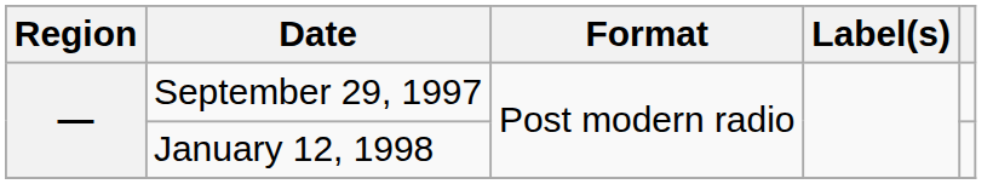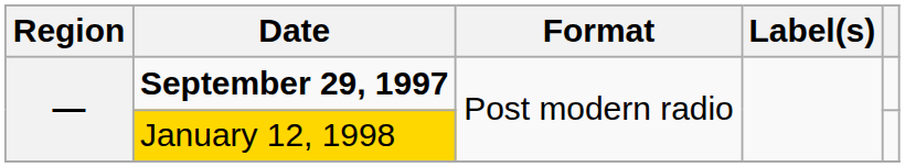 <table class="wikitable plainrowheaders">
 <tr>
 <th scope="col">Region</th>
 <th scope="col">Date</th>
 <th scope="col">Format</th>
 <th scope="col">Label(s)</th>
 <th scope="col"></th>
 </tr>
 <tr>
 <th scope="row" rowspan="2">—</th>
-<td>September 29, 1997</td>
+<td><strong>September 29, 1997</strong></td>
 <td rowspan="2">Post modern radio</td>
 <td rowspan="2"></td>
 <td align="center"></td>
 </tr>
 <tr>
-<td>January 12, 1998</td>
+<td style="background: gold;">January 12, 1998</td>
 <td align="center"></td>
 </tr>
 <tr>
 </tr>
 </table>
